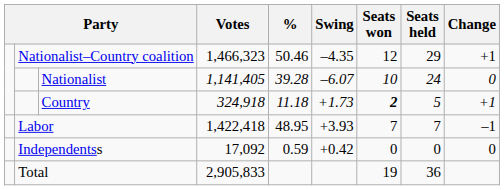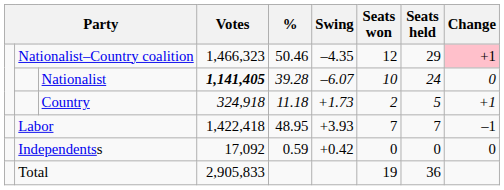 <table class="wikitable">
 <tr>
 <th colspan=3 style="width:180px">Party</th>
 <th style="width:70px">Votes</th>
 <th style="width:40px">%</th>
 <th style="width:40px">Swing</th>
 <th style="width:40px">Seats won</th>
 <th style="width:40px">Seats held</th>
 <th style="width:40px">Change</th>
 </tr>
 <tr>
 <td rowspan=3> </td>
 <td colspan=2><a href='#'>Nationalist–Country coalition</a></td>
 <td align=right>1,466,323</td>
 <td align=right>50.46</td>
 <td align=right>–4.35</td>
 <td align=right>12</td>
 <td align=right>29</td>
-<td align=right>+1</td>
+<td align=right style="background: pink;">+1</td>
 </tr>
 <tr>
 <td> </td>
 <td><a href='#'>Nationalist</a></td>
-<td align=right><em>1,141,405</em></td>
+<td align=right><strong><em>1,141,405</em></strong></td>
 <td align=right><em>39.28</em></td>
 <td align=right><em>–6.07</em></td>
 <td align=right><em>10</em></td>
 <td align=right><em>24</em></td>
 <td align=right><em>0</em></td>
 </tr>
 <tr>
 <td> </td>
 <td><a href='#'>Country</a></td>
 <td align=right><em>324,918</em></td>
 <td align=right><em>11.18</em></td>
 <td align=right><em>+1.73</em></td>
-<td align=right><strong><em>2</em></strong></td>
+<td align=right><em>2</em></td>
 <td align=right><em>5</em></td>
 <td align=right><em>+1</em></td>
 </tr>
 <tr>
 <td> </td>
 <td colspan=2><a href='#'>Labor</a></td>
 <td align=right>1,422,418</td>
 <td align=right>48.95</td>
 <td align=right>+3.93</td>
 <td align=right>7</td>
 <td align=right>7</td>
 <td align=right>–1</td>
 </tr>
 <tr>
 <td> </td>
 <td colspan=2><a href='#'>Independents</a>s</td>
 <td align=right>17,092</td>
 <td align=right>0.59</td>
 <td align=right>+0.42</td>
 <td align=right>0</td>
 <td align=right>0</td>
 <td align=right>0</td>
 </tr>
 <tr>
 <td> </td>
 <td colspan=2>Total</td>
 <td align=right>2,905,833</td>
 <td align=right> </td>
 <td align=right> </td>
 <td align=right>19</td>
 <td align=right>36</td>
 <td align=right></td>
 </tr>
 </table>
